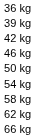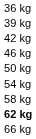 <table>
 <tr>
 <td>36 kg</td>
 <td></td>
 <td></td>
 <td></td>
 </tr>
 <tr>
 <td rowspan=2>39 kg</td>
 <td rowspan=2></td>
 <td rowspan=2></td>
 <td></td>
 </tr>
 <tr>
 <td></td>
 </tr>
 <tr>
 <td rowspan=2>42 kg</td>
 <td rowspan=2></td>
 <td rowspan=2></td>
 <td></td>
 </tr>
 <tr>
 <td></td>
 </tr>
 <tr>
 <td rowspan=2>46 kg</td>
 <td rowspan=2></td>
 <td rowspan=2></td>
 <td></td>
 </tr>
 <tr>
 <td></td>
 </tr>
 <tr>
 <td rowspan=2>50 kg</td>
 <td rowspan=2></td>
 <td rowspan=2></td>
 <td></td>
 </tr>
 <tr>
 <td></td>
 </tr>
 <tr>
 <td rowspan=2>54 kg</td>
 <td rowspan=2></td>
 <td rowspan=2></td>
 <td></td>
 </tr>
 <tr>
 <td></td>
 </tr>
 <tr>
 <td rowspan=2>58 kg</td>
 <td rowspan=2></td>
 <td rowspan=2></td>
 <td></td>
 </tr>
 <tr>
 <td></td>
 </tr>
 <tr>
-<td>62 kg</td>
+<td><strong>62 kg</strong></td>
 <td></td>
 <td></td>
 <td></td>
 </tr>
 <tr>
 <td rowspan=2>66 kg</td>
 <td rowspan=2></td>
 <td rowspan=2></td>
 <td></td>
 </tr>
 <tr>
 <td></td>
 </tr>
 </table>
